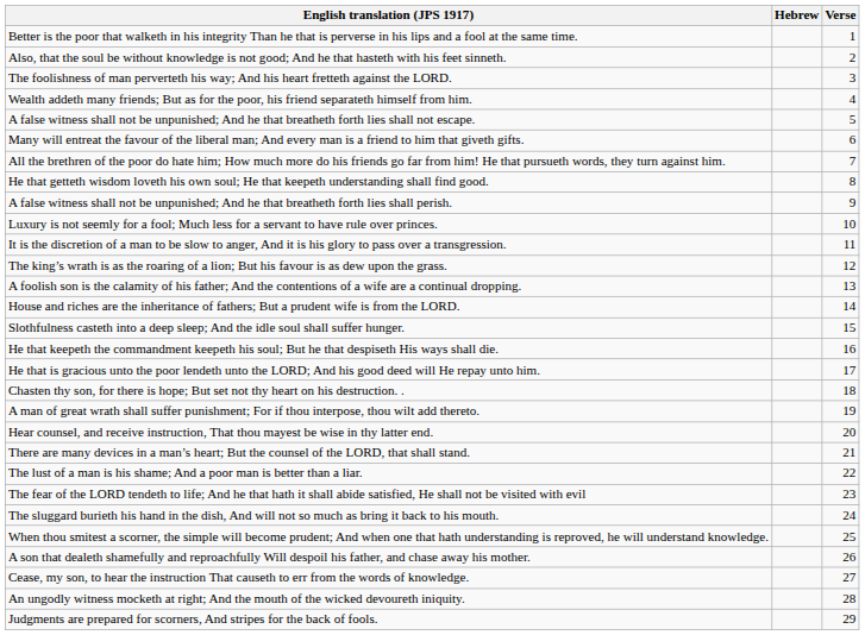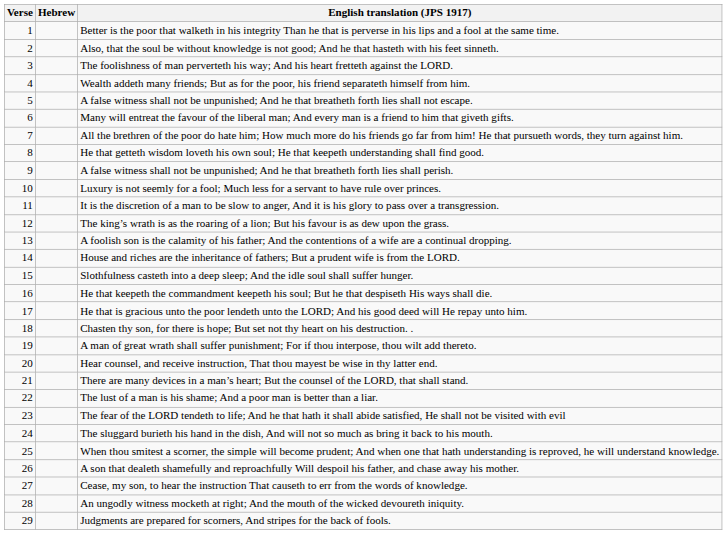 <table class="wikitable">
 <tr>
+<th>Verse</th>
+<th>Hebrew</th>
 <th>English translation (JPS 1917)</th>
-<th>Hebrew</th>
-<th>Verse</th>
 </tr>
 <tr>
+<td style="text-align:right">1</td>
+<td style="text-align:right"></td>
 <td>Better is the poor that walketh in his integrity Than he that is perverse in his lips and a fool at the same time.</td>
-<td style="text-align:right"></td>
-<td style="text-align:right">1</td>
 </tr>
 <tr>
+<td style="text-align:right">2</td>
+<td style="text-align:right"></td>
 <td>Also, that the soul be without knowledge is not good; And he that hasteth with his feet sinneth.</td>
-<td style="text-align:right"></td>
-<td style="text-align:right">2</td>
 </tr>
 <tr>
+<td style="text-align:right">3</td>
+<td style="text-align:right"></td>
 <td>The foolishness of man perverteth his way; And his heart fretteth against the LORD.</td>
-<td style="text-align:right"></td>
-<td style="text-align:right">3</td>
 </tr>
 <tr>
+<td style="text-align:right">4</td>
+<td style="text-align:right"></td>
 <td>Wealth addeth many friends; But as for the poor, his friend separateth himself from him.</td>
-<td style="text-align:right"></td>
-<td style="text-align:right">4</td>
 </tr>
 <tr>
+<td style="text-align:right">5</td>
+<td style="text-align:right"></td>
 <td>A false witness shall not be unpunished; And he that breatheth forth lies shall not escape.</td>
-<td style="text-align:right"></td>
-<td style="text-align:right">5</td>
 </tr>
 <tr>
+<td style="text-align:right">6</td>
+<td style="text-align:right"></td>
 <td>Many will entreat the favour of the liberal man; And every man is a friend to him that giveth gifts.</td>
-<td style="text-align:right"></td>
-<td style="text-align:right">6</td>
 </tr>
 <tr>
+<td style="text-align:right">7</td>
+<td style="text-align:right"></td>
 <td>All the brethren of the poor do hate him; How much more do his friends go far from him! He that pursueth words, they turn against him.</td>
-<td style="text-align:right"></td>
-<td style="text-align:right">7</td>
 </tr>
 <tr>
+<td style="text-align:right">8</td>
+<td style="text-align:right"></td>
 <td>He that getteth wisdom loveth his own soul; He that keepeth understanding shall find good.</td>
-<td style="text-align:right"></td>
-<td style="text-align:right">8</td>
 </tr>
 <tr>
+<td style="text-align:right">9</td>
+<td style="text-align:right"></td>
 <td>A false witness shall not be unpunished; And he that breatheth forth lies shall perish.</td>
-<td style="text-align:right"></td>
-<td style="text-align:right">9</td>
 </tr>
 <tr>
+<td style="text-align:right">10</td>
+<td style="text-align:right"></td>
 <td>Luxury is not seemly for a fool; Much less for a servant to have rule over princes.</td>
-<td style="text-align:right"></td>
-<td style="text-align:right">10</td>
 </tr>
 <tr>
+<td style="text-align:right">11</td>
+<td style="text-align:right"></td>
 <td>It is the discretion of a man to be slow to anger, And it is his glory to pass over a transgression.</td>
-<td style="text-align:right"></td>
-<td style="text-align:right">11</td>
 </tr>
 <tr>
+<td style="text-align:right">12</td>
+<td style="text-align:right"></td>
 <td>The king’s wrath is as the roaring of a lion; But his favour is as dew upon the grass.</td>
-<td style="text-align:right"></td>
-<td style="text-align:right">12</td>
 </tr>
 <tr>
+<td style="text-align:right">13</td>
+<td style="text-align:right"></td>
 <td>A foolish son is the calamity of his father; And the contentions of a wife are a continual dropping.</td>
-<td style="text-align:right"></td>
-<td style="text-align:right">13</td>
 </tr>
 <tr>
+<td style="text-align:right">14</td>
+<td style="text-align:right"></td>
 <td>House and riches are the inheritance of fathers; But a prudent wife is from the LORD.</td>
-<td style="text-align:right"></td>
-<td style="text-align:right">14</td>
 </tr>
 <tr>
+<td style="text-align:right">15</td>
+<td style="text-align:right"></td>
 <td>Slothfulness casteth into a deep sleep; And the idle soul shall suffer hunger.</td>
-<td style="text-align:right"></td>
-<td style="text-align:right">15</td>
 </tr>
 <tr>
+<td style="text-align:right">16</td>
+<td style="text-align:right"></td>
 <td>He that keepeth the commandment keepeth his soul; But he that despiseth His ways shall die.</td>
-<td style="text-align:right"></td>
-<td style="text-align:right">16</td>
 </tr>
 <tr>
+<td style="text-align:right">17</td>
+<td style="text-align:right"></td>
 <td>He that is gracious unto the poor lendeth unto the LORD; And his good deed will He repay unto him.</td>
-<td style="text-align:right"></td>
-<td style="text-align:right">17</td>
 </tr>
 <tr>
+<td style="text-align:right">18</td>
+<td style="text-align:right"></td>
 <td>Chasten thy son, for there is hope; But set not thy heart on his destruction. .</td>
-<td style="text-align:right"></td>
-<td style="text-align:right">18</td>
 </tr>
 <tr>
+<td style="text-align:right">19</td>
+<td style="text-align:right"></td>
 <td>A man of great wrath shall suffer punishment; For if thou interpose, thou wilt add thereto.</td>
-<td style="text-align:right"></td>
-<td style="text-align:right">19</td>
 </tr>
 <tr>
+<td style="text-align:right">20</td>
+<td style="text-align:right"></td>
 <td>Hear counsel, and receive instruction, That thou mayest be wise in thy latter end.</td>
-<td style="text-align:right"></td>
-<td style="text-align:right">20</td>
 </tr>
 <tr>
+<td style="text-align:right">21</td>
+<td style="text-align:right"></td>
 <td>There are many devices in a man’s heart; But the counsel of the LORD, that shall stand.</td>
-<td style="text-align:right"></td>
-<td style="text-align:right">21</td>
 </tr>
 <tr>
+<td style="text-align:right">22</td>
+<td style="text-align:right"></td>
 <td>The lust of a man is his shame; And a poor man is better than a liar.</td>
-<td style="text-align:right"></td>
-<td style="text-align:right">22</td>
 </tr>
 <tr>
+<td style="text-align:right">23</td>
+<td style="text-align:right"></td>
 <td>The fear of the LORD tendeth to life; And he that hath it shall abide satisfied, He shall not be visited with evil</td>
-<td style="text-align:right"></td>
-<td style="text-align:right">23</td>
 </tr>
 <tr>
+<td style="text-align:right">24</td>
+<td style="text-align:right"></td>
 <td>The sluggard burieth his hand in the dish, And will not so much as bring it back to his mouth.</td>
-<td style="text-align:right"></td>
-<td style="text-align:right">24</td>
 </tr>
 <tr>
+<td style="text-align:right">25</td>
+<td style="text-align:right"></td>
 <td>When thou smitest a scorner, the simple will become prudent; And when one that hath understanding is reproved, he will understand knowledge.</td>
-<td style="text-align:right"></td>
-<td style="text-align:right">25</td>
 </tr>
 <tr>
+<td style="text-align:right">26</td>
+<td style="text-align:right"></td>
 <td>A son that dealeth shamefully and reproachfully Will despoil his father, and chase away his mother.</td>
-<td style="text-align:right"></td>
-<td style="text-align:right">26</td>
 </tr>
 <tr>
+<td style="text-align:right">27</td>
+<td style="text-align:right"></td>
 <td>Cease, my son, to hear the instruction That causeth to err from the words of knowledge.</td>
-<td style="text-align:right"></td>
-<td style="text-align:right">27</td>
 </tr>
 <tr>
+<td style="text-align:right">28</td>
+<td style="text-align:right"></td>
 <td>An ungodly witness mocketh at right; And the mouth of the wicked devoureth iniquity.</td>
-<td style="text-align:right"></td>
-<td style="text-align:right">28</td>
 </tr>
 <tr>
+<td style="text-align:right">29</td>
+<td style="text-align:right"></td>
 <td>Judgments are prepared for scorners, And stripes for the back of fools.</td>
-<td style="text-align:right"></td>
-<td style="text-align:right">29</td>
 </tr>
 </table>
